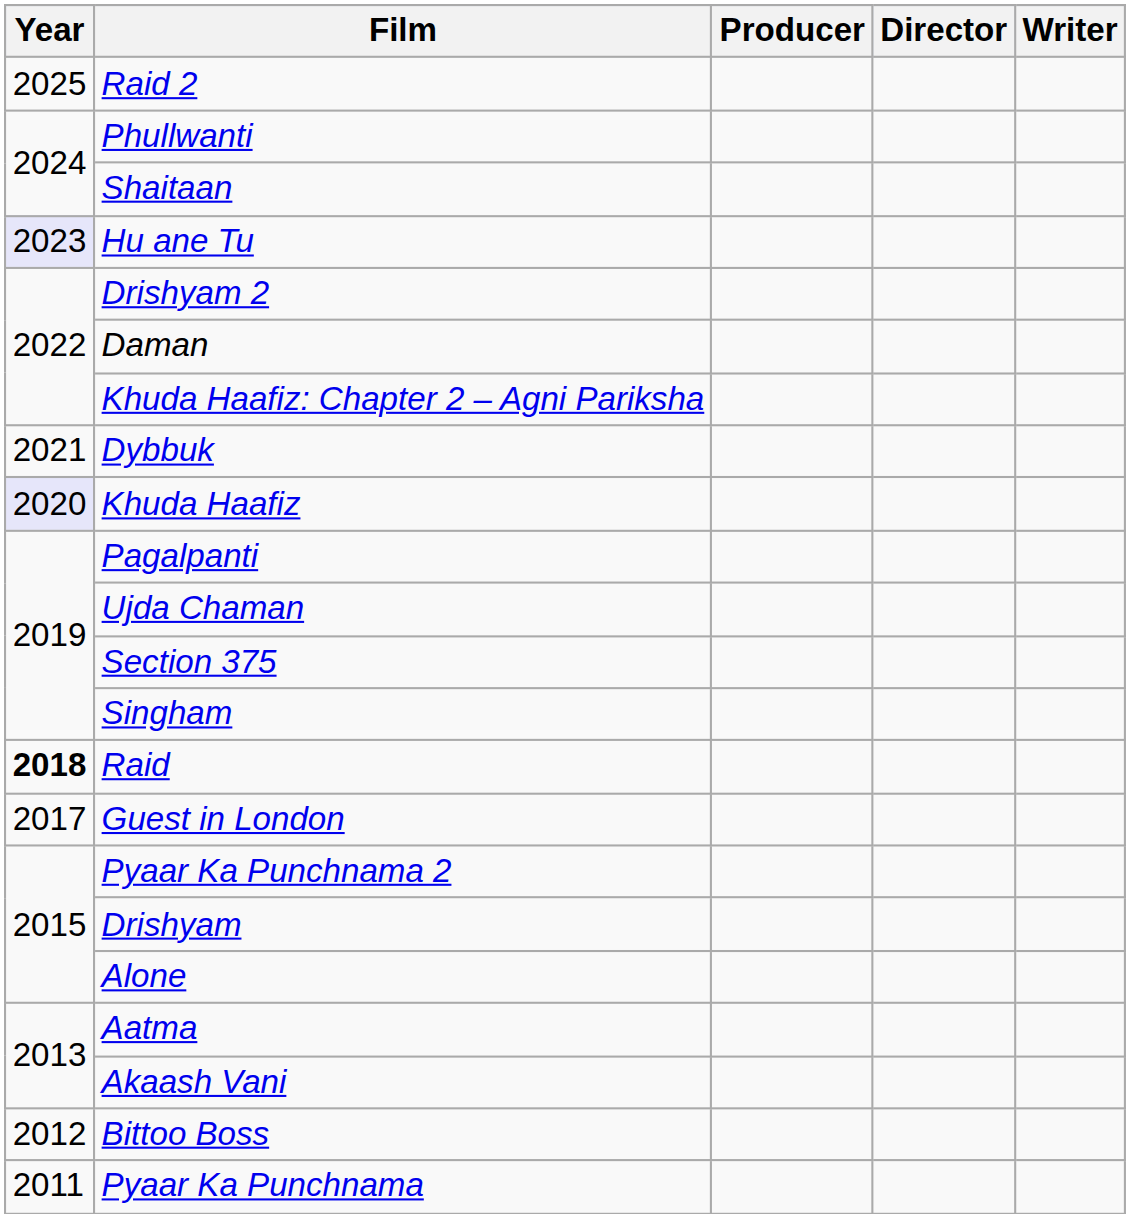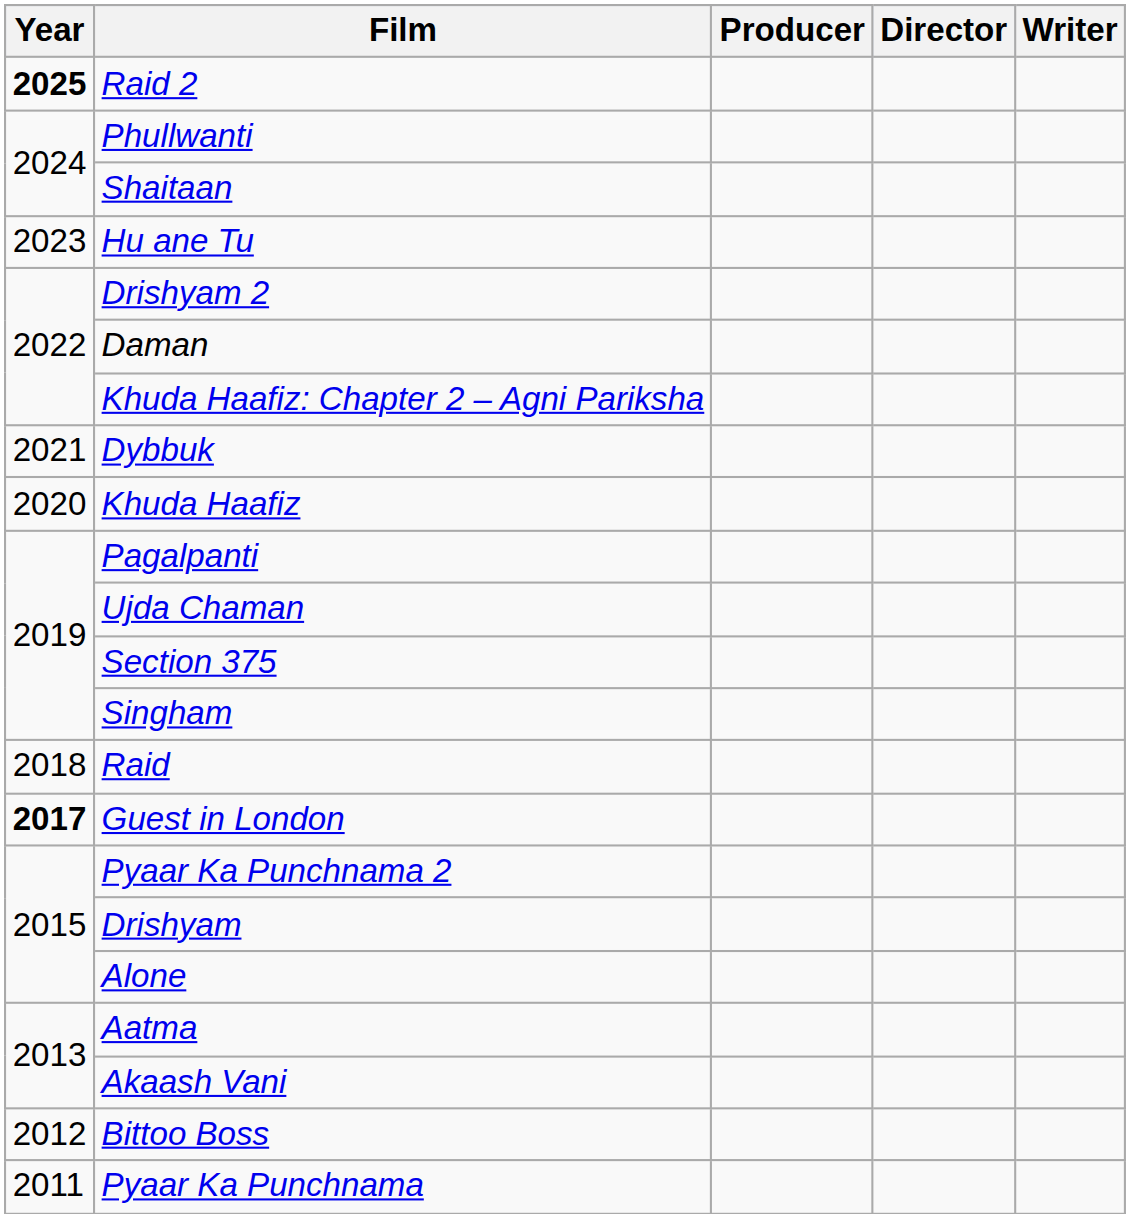 <table class="wikitable">
 <tr style="background:#b0c4de; text-align:center;">
 <th>Year</th>
 <th>Film</th>
 <th>Producer</th>
 <th>Director</th>
 <th>Writer</th>
 </tr>
 <tr>
-<td>2025</td>
+<td><strong>2025</strong></td>
 <td><em><a href='#'>Raid 2</a></em></td>
 <td></td>
 <td></td>
 <td></td>
 </tr>
 <tr>
 <td rowspan="2">2024</td>
 <td><em><a href='#'>Phullwanti</a></em></td>
 <td></td>
 <td></td>
 <td></td>
 </tr>
 <tr>
 <td><em><a href='#'>Shaitaan</a></em></td>
 <td></td>
 <td></td>
 <td></td>
 </tr>
 <tr>
-<td style="background: lavender;">2023</td>
+<td>2023</td>
 <td><em><a href='#'>Hu ane Tu</a></em></td>
 <td></td>
 <td></td>
 <td></td>
 </tr>
 <tr>
 <td rowspan="3">2022</td>
 <td><em><a href='#'>Drishyam 2</a></em></td>
 <td></td>
 <td></td>
 <td></td>
 </tr>
 <tr>
 <td><em>Daman</em></td>
 <td></td>
 <td></td>
 <td></td>
 </tr>
 <tr>
 <td><em><a href='#'>Khuda Haafiz: Chapter 2 – Agni Pariksha</a></em></td>
 <td></td>
 <td></td>
 <td></td>
 </tr>
 <tr>
 <td>2021</td>
 <td><em><a href='#'>Dybbuk</a></em></td>
 <td></td>
 <td></td>
 <td></td>
 </tr>
 <tr>
-<td style="background: lavender;">2020</td>
+<td>2020</td>
 <td><em><a href='#'>Khuda Haafiz</a></em></td>
 <td></td>
 <td></td>
 <td></td>
 </tr>
 <tr>
 <td rowspan="4">2019</td>
 <td><em><a href='#'>Pagalpanti</a></em></td>
 <td></td>
 <td></td>
 <td></td>
 </tr>
 <tr>
 <td><em><a href='#'>Ujda Chaman</a></em></td>
 <td></td>
 <td></td>
 <td></td>
 </tr>
 <tr>
 <td><em><a href='#'>Section 375</a></em></td>
 <td></td>
 <td></td>
 <td></td>
 </tr>
 <tr>
 <td><em><a href='#'>Singham</a></em></td>
 <td></td>
 <td></td>
 <td></td>
 </tr>
 <tr>
-<td><strong>2018</strong></td>
+<td>2018</td>
 <td><em><a href='#'>Raid</a></em></td>
 <td></td>
 <td></td>
 <td></td>
 </tr>
 <tr>
-<td>2017</td>
+<td><strong>2017</strong></td>
 <td><em><a href='#'>Guest in London</a></em></td>
 <td></td>
 <td></td>
 <td></td>
 </tr>
 <tr>
 <td rowspan="3">2015</td>
 <td><em><a href='#'>Pyaar Ka Punchnama 2 </a></em></td>
 <td></td>
 <td></td>
 <td></td>
 </tr>
 <tr>
 <td><em><a href='#'>Drishyam</a></em></td>
 <td></td>
 <td></td>
 <td></td>
 </tr>
 <tr>
 <td><em><a href='#'>Alone</a></em></td>
 <td></td>
 <td></td>
 <td></td>
 </tr>
 <tr>
 <td rowspan="2">2013</td>
 <td><em><a href='#'>Aatma</a></em></td>
 <td></td>
 <td></td>
 <td></td>
 </tr>
 <tr>
 <td><em><a href='#'>Akaash Vani</a></em></td>
 <td></td>
 <td></td>
 <td></td>
 </tr>
 <tr>
 <td>2012</td>
 <td><em><a href='#'>Bittoo Boss</a></em></td>
 <td></td>
 <td></td>
 <td></td>
 </tr>
 <tr>
 <td>2011</td>
 <td><em><a href='#'>Pyaar Ka Punchnama</a></em></td>
 <td></td>
 <td></td>
 <td></td>
 </tr>
 <tr>
 </tr>
 </table>
